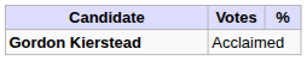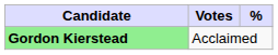 <table class="wikitable">
 <tr>
 <th style="background:#ddf; width:200px;">Candidate</th>
 <th style="background:#ddf; width:50px;">Votes</th>
 <th style="background:#ddf; width:30px;">%</th>
 </tr>
 <tr>
-<td><strong>Gordon Kierstead</strong></td>
+<td style="background: lightgreen;"><strong>Gordon Kierstead</strong></td>
 <td colspan="2">Acclaimed</td>
 </tr>
 </table>
